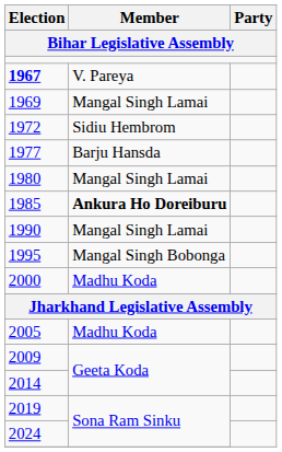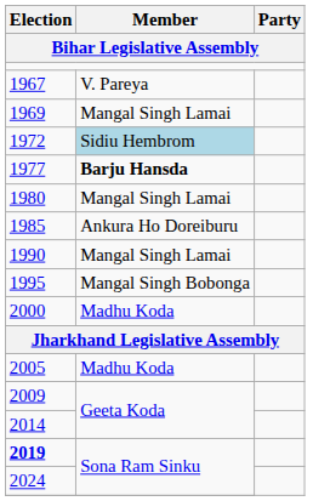 <table class="wikitable sortable">
 <tr>
 <th>Election</th>
 <th>Member</th>
 <th colspan=2>Party</th>
 </tr>
 <tr>
 <th colspan=4><a href='#'>Bihar Legislative Assembly</a></th>
 </tr>
 <tr>
 <td colspan="4"></td>
 </tr>
 <tr>
-<td><strong><a href='#'>1967</a></strong></td>
+<td><a href='#'>1967</a></td>
 <td>V. Pareya</td>
 <td></td>
 </tr>
 <tr>
 <td><a href='#'>1969</a></td>
 <td>Mangal Singh Lamai</td>
 <td></td>
 </tr>
 <tr>
 <td><a href='#'>1972</a></td>
-<td>Sidiu Hembrom</td>
+<td style="background: lightblue;">Sidiu Hembrom</td>
 <td></td>
 </tr>
 <tr>
 <td><a href='#'>1977</a></td>
-<td>Barju Hansda</td>
+<td><strong>Barju Hansda</strong></td>
 <td></td>
 </tr>
 <tr>
 <td><a href='#'>1980</a></td>
 <td>Mangal Singh Lamai</td>
 <td></td>
 </tr>
 <tr>
 <td><a href='#'>1985</a></td>
-<td><strong>Ankura Ho Doreiburu</strong></td>
+<td>Ankura Ho Doreiburu</td>
 <td></td>
 </tr>
 <tr>
 <td><a href='#'>1990</a></td>
 <td>Mangal Singh Lamai</td>
 <td></td>
 </tr>
 <tr>
 <td><a href='#'>1995</a></td>
 <td>Mangal Singh Bobonga</td>
 <td></td>
 </tr>
 <tr>
 <td><a href='#'>2000</a></td>
 <td><a href='#'>Madhu Koda</a></td>
 <td></td>
 </tr>
 <tr>
 <th colspan=4><a href='#'>Jharkhand Legislative Assembly</a></th>
 </tr>
 <tr>
 <td><a href='#'>2005</a></td>
 <td><a href='#'>Madhu Koda</a></td>
 <td></td>
 </tr>
 <tr>
 <td><a href='#'>2009</a></td>
 <td rowspan=2><a href='#'>Geeta Koda</a></td>
 <td></td>
 </tr>
 <tr>
 <td><a href='#'>2014</a></td>
 </tr>
 <tr>
-<td><a href='#'>2019</a></td>
+<td><strong><a href='#'>2019</a></strong></td>
 <td rowspan=2><a href='#'>Sona Ram Sinku</a></td>
 <td></td>
 </tr>
 <tr>
 <td><a href='#'>2024</a></td>
 </tr>
 <tr>
 </tr>
 </table>
